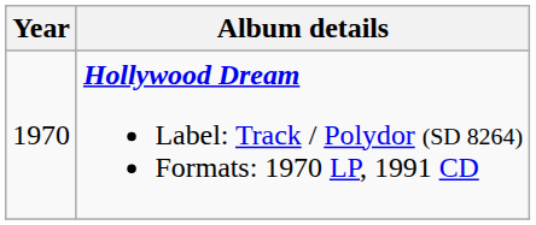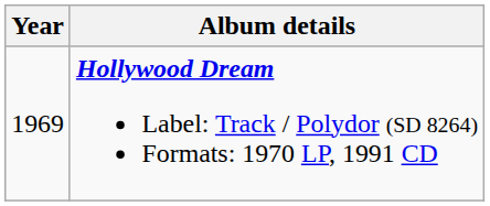 <table class="wikitable">
 <tr>
 <th>Year</th>
 <th>Album details</th>
 </tr>
 <tr>
-<td>1970</td>
+<td>1969</td>
 <td><strong><em><a href='#'>Hollywood Dream</a></em></strong><br><ul><li>Label: <a href='#'>Track</a> / <a href='#'>Polydor</a> <small>(SD 8264)</small></li><li>Formats: 1970 <a href='#'>LP</a>, 1991 <a href='#'>CD</a></li></ul></td>
 </tr>
 </table>
